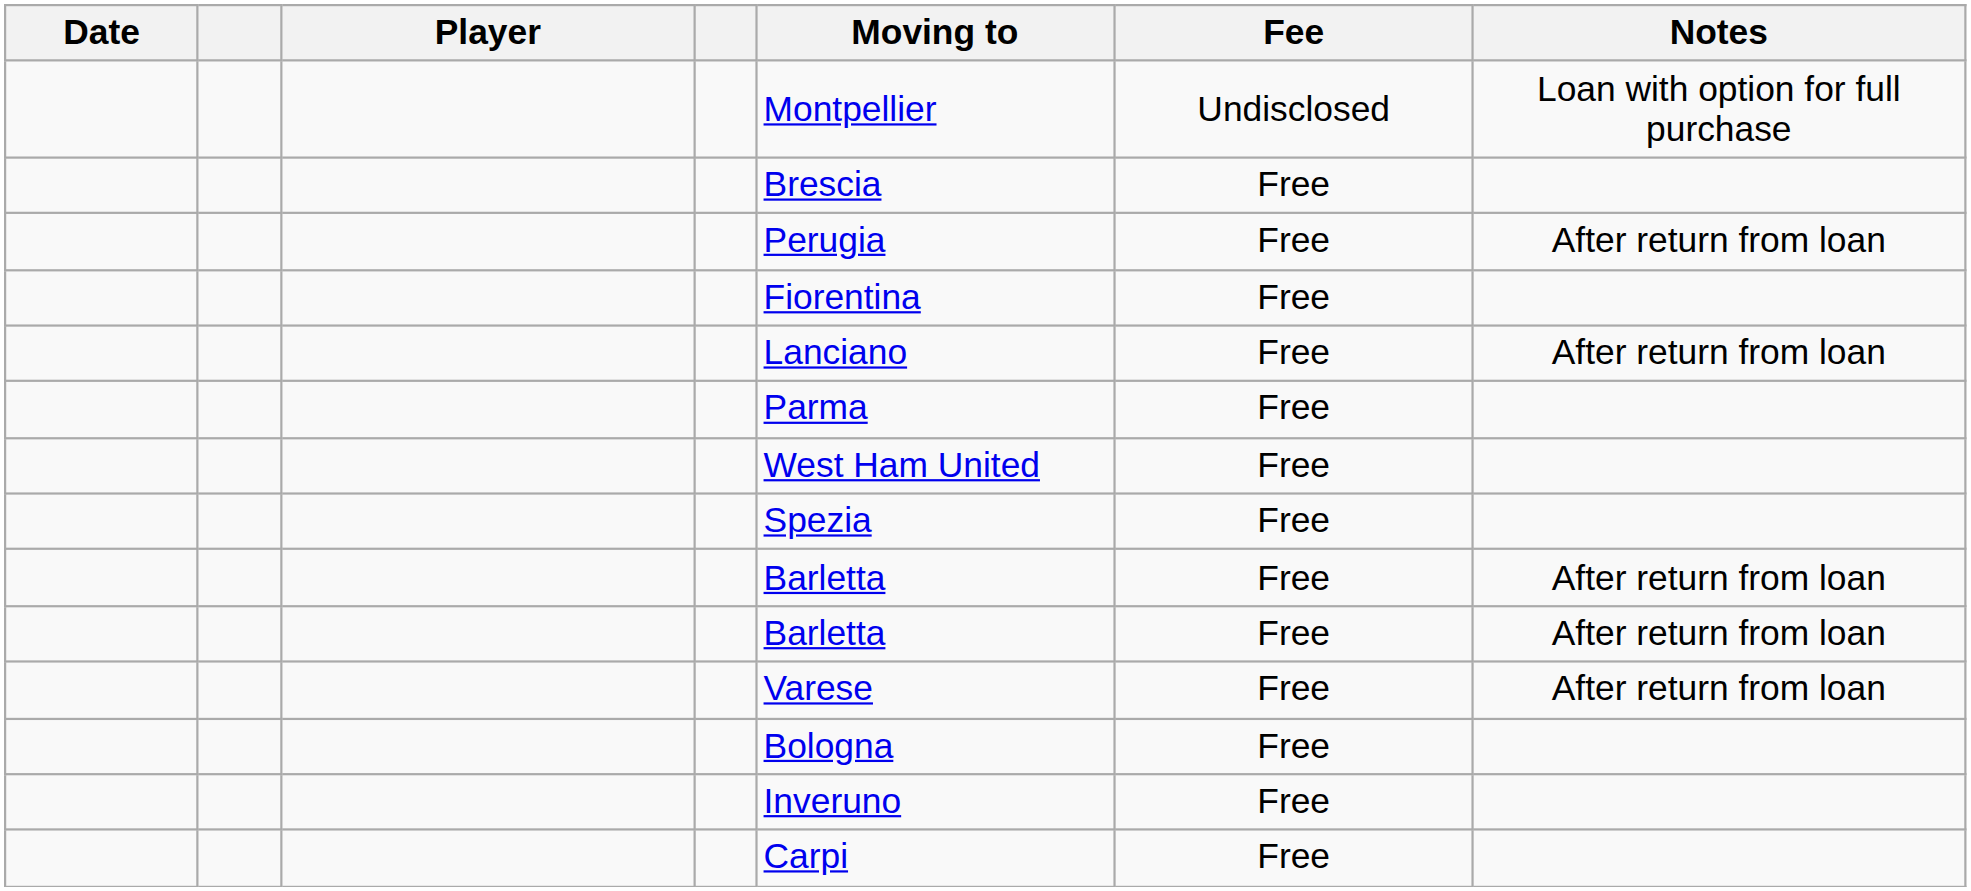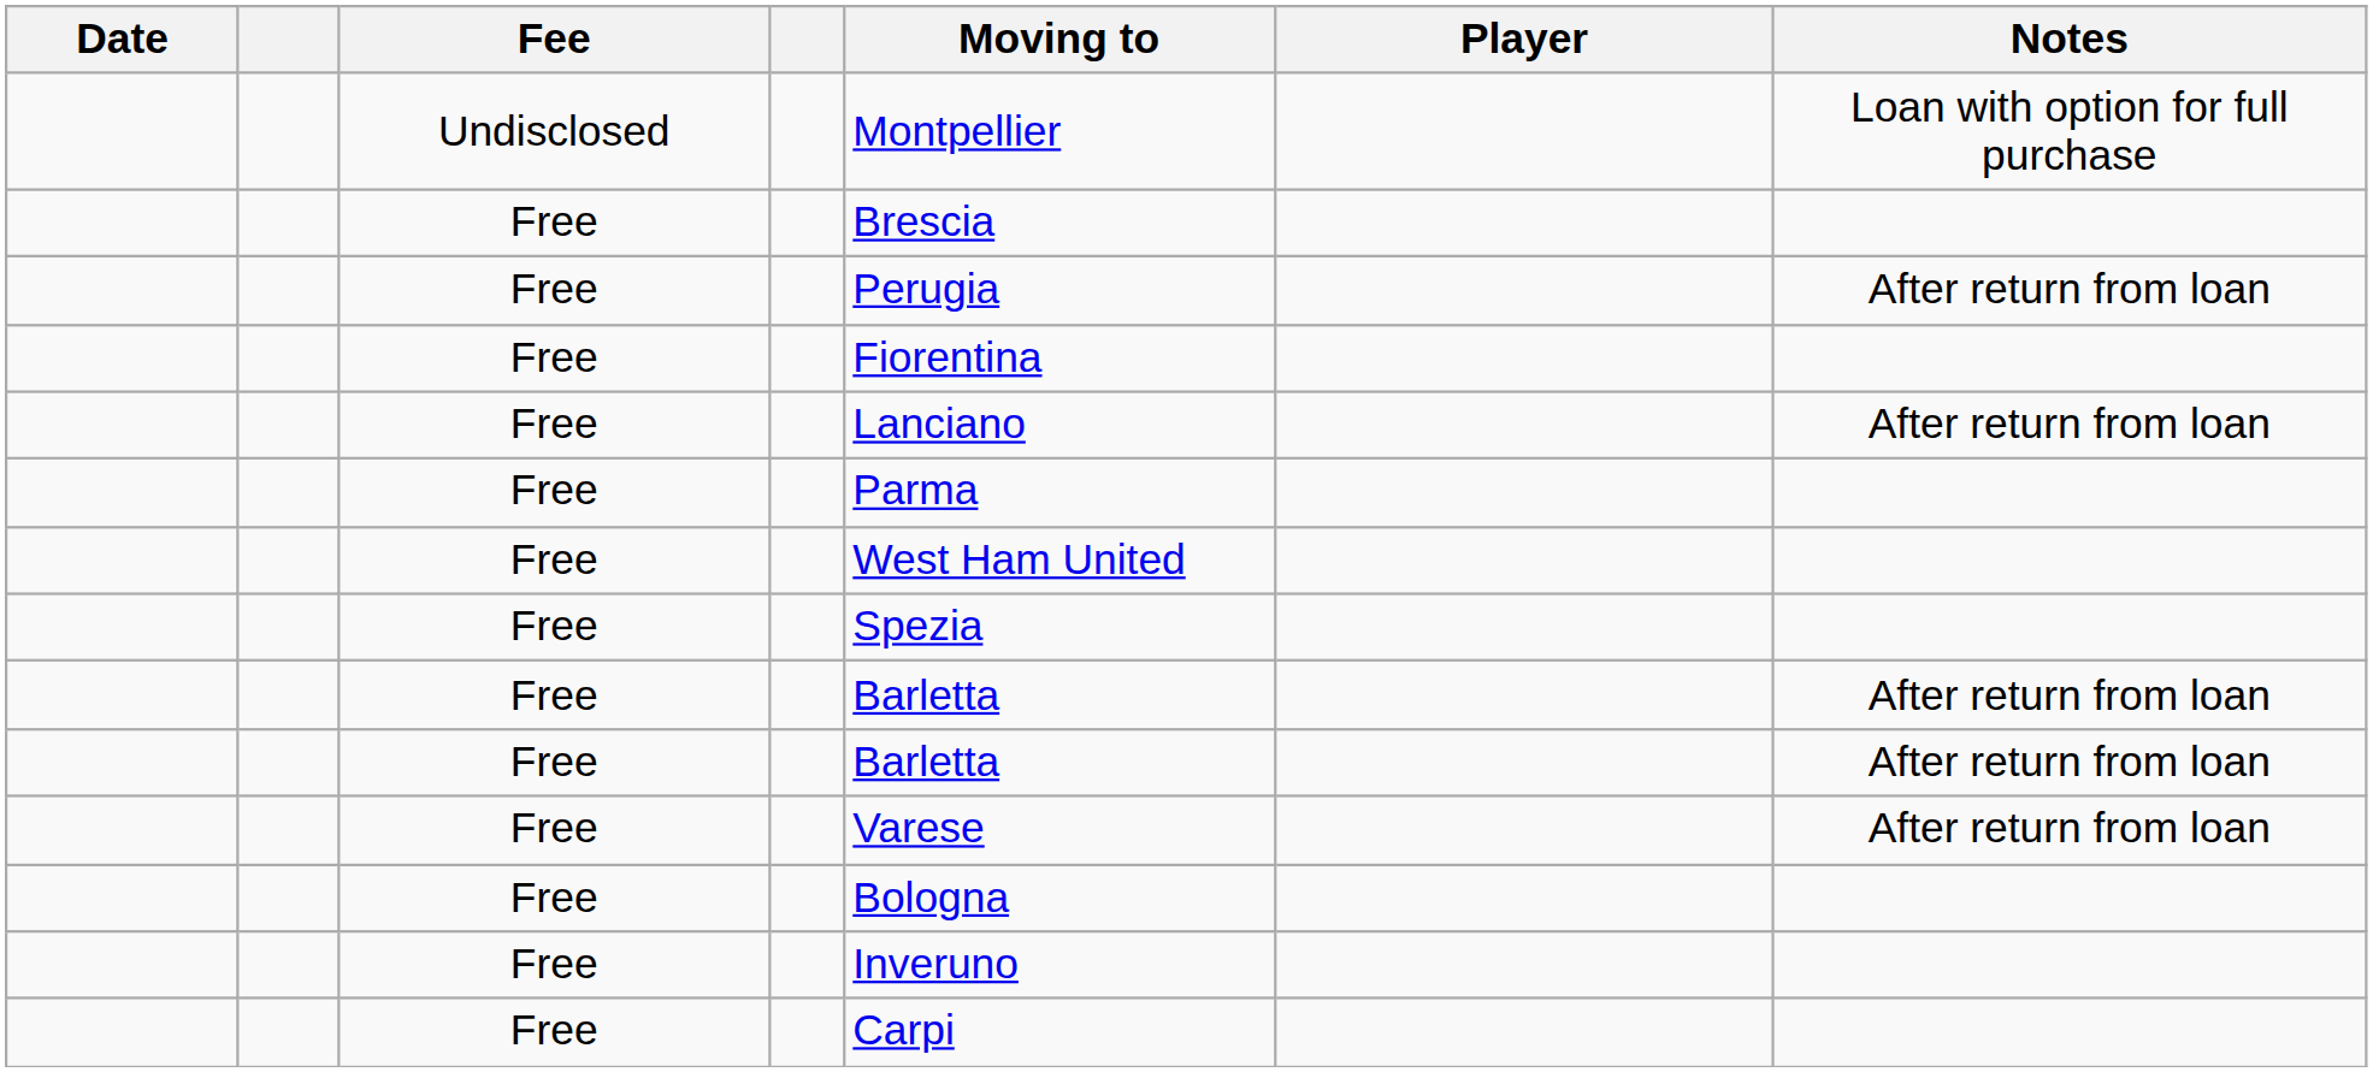 <table class="wikitable sortable">
 <tr>
 <th style="width:80px;">Date</th>
 <th style="width:30px;"></th>
-<th style="width:180px;">Player</th>
+<th style="width:155px;" class="unsortable">Fee</th>
 <th style="width:20px;"></th>
 <th style="width:155px;">Moving to</th>
-<th style="width:155px;" class="unsortable">Fee</th>
+<th style="width:180px;">Player</th>
 <th style="width:215px;" class="unsortable">Notes</th>
 </tr>
 <tr>
 <td></td>
 <td align=center></td>
-<td> </td>
+<td align=center>Undisclosed</td>
 <td></td>
 <td> <a href='#'>Montpellier</a></td>
-<td align=center>Undisclosed</td>
+<td> </td>
 <td align=center>Loan with option for full purchase</td>
 </tr>
 <tr>
 <td></td>
 <td align=center></td>
-<td> </td>
+<td align=center>Free</td>
 <td></td>
 <td> <a href='#'>Brescia</a></td>
-<td align=center>Free</td>
+<td> </td>
 <td align=center></td>
 </tr>
 <tr>
 <td></td>
 <td align=center></td>
-<td> </td>
+<td align=center>Free</td>
 <td></td>
 <td> <a href='#'>Perugia</a></td>
-<td align=center>Free</td>
+<td> </td>
 <td align=center>After return from loan</td>
 </tr>
 <tr>
 <td></td>
 <td align=center></td>
-<td> </td>
+<td align=center>Free</td>
 <td></td>
 <td> <a href='#'>Fiorentina</a></td>
-<td align=center>Free</td>
+<td> </td>
 <td align=center></td>
 </tr>
 <tr>
 <td></td>
 <td align=center></td>
-<td> </td>
+<td align=center>Free</td>
 <td></td>
 <td> <a href='#'>Lanciano</a></td>
-<td align=center>Free</td>
+<td> </td>
 <td align=center>After return from loan</td>
 </tr>
 <tr>
 <td></td>
 <td align=center></td>
-<td> </td>
+<td align=center>Free</td>
 <td></td>
 <td> <a href='#'>Parma</a></td>
-<td align=center>Free</td>
+<td> </td>
 <td align=center></td>
 </tr>
 <tr>
 <td></td>
 <td align=center></td>
-<td> </td>
+<td align=center>Free</td>
 <td></td>
 <td> <a href='#'>West Ham United</a></td>
-<td align=center>Free</td>
+<td> </td>
 <td align=center></td>
 </tr>
 <tr>
 <td></td>
 <td align=center></td>
-<td> </td>
+<td align=center>Free</td>
 <td></td>
 <td> <a href='#'>Spezia</a></td>
-<td align=center>Free</td>
+<td> </td>
 <td align=center></td>
 </tr>
 <tr>
 <td></td>
 <td align=center></td>
-<td> </td>
+<td align=center>Free</td>
 <td></td>
 <td> <a href='#'>Barletta</a></td>
-<td align=center>Free</td>
+<td> </td>
 <td align=center>After return from loan</td>
 </tr>
 <tr>
 <td></td>
 <td align=center></td>
-<td> </td>
+<td align=center>Free</td>
 <td></td>
 <td> <a href='#'>Barletta</a></td>
-<td align=center>Free</td>
+<td> </td>
 <td align=center>After return from loan</td>
 </tr>
 <tr>
 <td></td>
 <td align=center></td>
-<td> </td>
+<td align=center>Free</td>
 <td></td>
 <td> <a href='#'>Varese</a></td>
-<td align=center>Free</td>
+<td> </td>
 <td align=center>After return from loan</td>
 </tr>
 <tr>
 <td></td>
 <td align=center></td>
-<td> </td>
+<td align=center>Free</td>
 <td></td>
 <td> <a href='#'>Bologna</a></td>
-<td align=center>Free</td>
+<td> </td>
 <td align=center></td>
 </tr>
 <tr>
 <td></td>
 <td align=center></td>
-<td>  </td>
+<td align=center>Free</td>
 <td></td>
 <td> <a href='#'>Inveruno</a></td>
-<td align=center>Free</td>
+<td>  </td>
 <td align=center></td>
 </tr>
 <tr>
 <td></td>
 <td align=center></td>
-<td> </td>
+<td align=center>Free</td>
 <td></td>
 <td> <a href='#'>Carpi</a></td>
-<td align=center>Free</td>
+<td> </td>
 <td align=center></td>
 </tr>
 </table>
